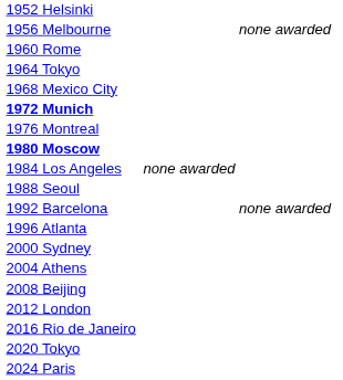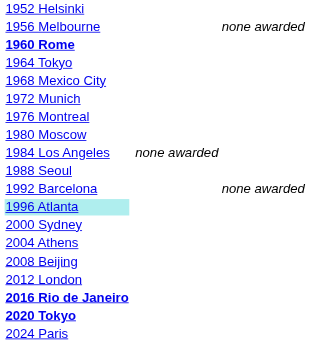 <table>
 <tr>
 <td><a href='#'>1952 Helsinki</a><br></td>
 <td></td>
 <td></td>
 <td></td>
 </tr>
 <tr valign="top">
 <td rowspan="2"><a href='#'>1956 Melbourne</a><br></td>
 <td rowspan="2"></td>
 <td></td>
 <td rowspan="2" align="center"><em>none awarded</em></td>
 </tr>
 <tr>
 <td></td>
 </tr>
 <tr>
-<td><a href='#'>1960 Rome</a><br></td>
+<td><strong><a href='#'>1960 Rome</a><br></strong></td>
 <td></td>
 <td></td>
 <td></td>
 </tr>
 <tr>
 <td><a href='#'>1964 Tokyo</a><br></td>
 <td></td>
 <td></td>
 <td></td>
 </tr>
 <tr>
 <td><a href='#'>1968 Mexico City</a><br></td>
 <td></td>
 <td></td>
 <td></td>
 </tr>
 <tr>
-<td><strong><a href='#'>1972 Munich</a><br></strong></td>
+<td><a href='#'>1972 Munich</a><br></td>
 <td></td>
 <td></td>
 <td></td>
 </tr>
 <tr>
 <td><a href='#'>1976 Montreal</a><br></td>
 <td></td>
 <td></td>
 <td></td>
 </tr>
 <tr>
-<td><strong><a href='#'>1980 Moscow</a><br></strong></td>
+<td><a href='#'>1980 Moscow</a><br></td>
 <td></td>
 <td></td>
 <td></td>
 </tr>
 <tr valign="top">
 <td rowspan="2"><a href='#'>1984 Los Angeles</a><br></td>
 <td></td>
 <td rowspan="2" align="center"><em>none awarded</em></td>
 <td rowspan="2"></td>
 </tr>
 <tr>
 <td></td>
 </tr>
 <tr valign="top">
 <td rowspan="2"><a href='#'>1988 Seoul</a><br></td>
 <td rowspan="2"></td>
 <td rowspan="2"></td>
 <td></td>
 </tr>
 <tr>
 <td></td>
 </tr>
 <tr valign="top">
 <td rowspan="2"><a href='#'>1992 Barcelona</a><br></td>
 <td rowspan="2"></td>
 <td></td>
 <td rowspan="2" align="center"><em>none awarded</em></td>
 </tr>
 <tr>
 <td></td>
 </tr>
 <tr>
-<td><a href='#'>1996 Atlanta</a><br></td>
+<td style="background: paleturquoise;"><a href='#'>1996 Atlanta</a><br></td>
 <td></td>
 <td></td>
 <td></td>
 </tr>
 <tr>
 <td><a href='#'>2000 Sydney</a><br></td>
 <td></td>
 <td></td>
 <td></td>
 </tr>
 <tr>
 <td><a href='#'>2004 Athens</a><br></td>
 <td></td>
 <td></td>
 <td></td>
 </tr>
 <tr>
 <td><a href='#'>2008 Beijing</a><br></td>
 <td></td>
 <td></td>
 <td></td>
 </tr>
 <tr>
 <td><a href='#'>2012 London</a><br></td>
 <td></td>
 <td></td>
 <td></td>
 </tr>
 <tr>
-<td><a href='#'>2016 Rio de Janeiro</a><br></td>
+<td><strong><a href='#'>2016 Rio de Janeiro</a><br></strong></td>
 <td></td>
 <td></td>
 <td></td>
 </tr>
 <tr>
-<td><a href='#'>2020 Tokyo</a><br></td>
+<td><strong><a href='#'>2020 Tokyo</a><br></strong></td>
 <td></td>
 <td></td>
 <td></td>
 </tr>
 <tr>
 <td><a href='#'>2024 Paris</a> <br></td>
 <td></td>
 <td></td>
 <td></td>
 </tr>
 <tr>
 </tr>
 </table>
